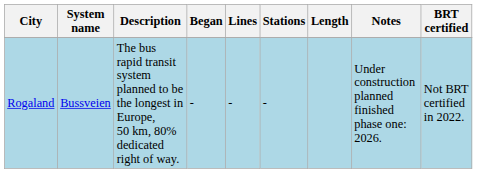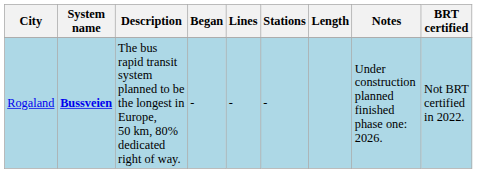 <table class="wikitable">
 <tr>
 <th>City</th>
 <th>System name</th>
 <th>Description</th>
 <th>Began</th>
 <th>Lines</th>
 <th>Stations</th>
 <th>Length</th>
 <th>Notes</th>
 <th>BRT certified</th>
 </tr>
 <tr>
 </tr>
 <tr style="background:lightblue;">
 <td><a href='#'>Rogaland</a></td>
-<td><a href='#'>Bussveien</a></td>
+<td><strong><a href='#'>Bussveien</a></strong></td>
 <td>The bus rapid transit system planned to be the longest in Europe, 50 km, 80% dedicated right of way.</td>
 <td>-</td>
 <td>-</td>
 <td>-</td>
 <td></td>
 <td>Under construction planned finished phase one: 2026.</td>
 <td>Not BRT certified in 2022.</td>
 </tr>
 </table>
